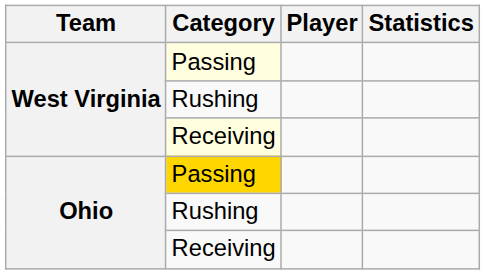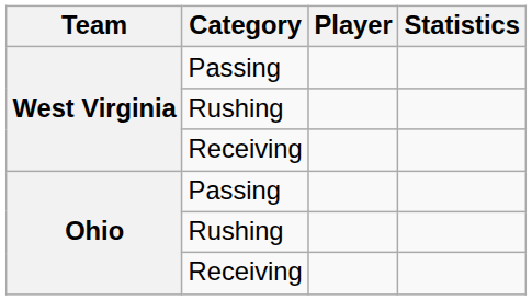 <table class="wikitable" style="float:right">
 <tr>
 <th>Team</th>
 <th>Category</th>
 <th>Player</th>
 <th>Statistics</th>
 </tr>
 <tr>
 <th rowspan=3>West Virginia</th>
-<td style="background: lightyellow;">Passing</td>
+<td>Passing</td>
 <td></td>
 <td></td>
 </tr>
 <tr>
 <td>Rushing</td>
 <td></td>
 <td></td>
 </tr>
 <tr>
-<td style="background: lightyellow;">Receiving</td>
+<td>Receiving</td>
 <td></td>
 <td></td>
 </tr>
 <tr>
 <th rowspan=3>Ohio</th>
-<td style="background: gold;">Passing</td>
+<td>Passing</td>
 <td></td>
 <td></td>
 </tr>
 <tr>
 <td>Rushing</td>
 <td></td>
 <td></td>
 </tr>
 <tr>
 <td>Receiving</td>
 <td></td>
 <td></td>
 </tr>
 </table>
